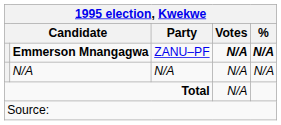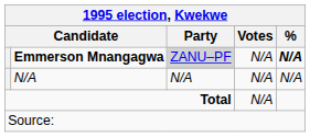 <table class="wikitable">
 <tr>
 <th colspan="5"><a href='#'>1995 election</a>, <a href='#'>Kwekwe</a></th>
 </tr>
 <tr>
 <th colspan="2">Candidate</th>
 <th>Party</th>
 <th>Votes</th>
 <th>%</th>
 </tr>
 <tr>
 <th style="background-color: "></th>
 <td><strong>Emmerson Mnangagwa</strong></td>
-<td><a href='#'>ZANU–PF</a></td>
-<td style="text-align:right"><strong><em>N/A</em></strong></td>
+<td style="background: lightgrey;"><a href='#'>ZANU–PF</a></td>
+<td style="text-align:right"><em>N/A</em></td>
 <td style="text-align:right"><strong><em>N/A</em></strong></td>
 </tr>
 <tr>
 <th style="background-color: "></th>
 <td><em>N/A</em></td>
 <td><em>N/A</em></td>
 <td style="text-align:right"><em>N/A</em></td>
 <td style="text-align:right"><em>N/A</em></td>
 </tr>
 <tr>
 <td colspan="3" style="text-align:right"><strong>Total</strong></td>
 <td style="text-align:right"><em>N/A</em></td>
 <td style="text-align:right"></td>
 </tr>
 <tr>
 <td colspan="5" style="text-align:left">Source:</td>
 </tr>
 </table>
